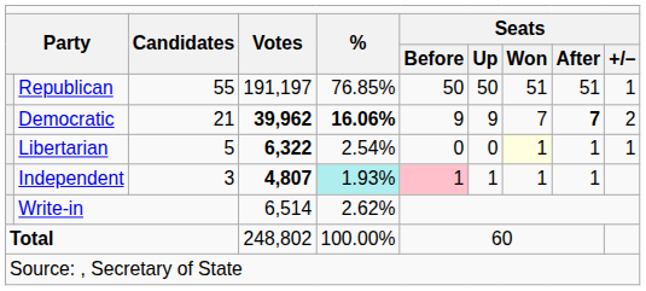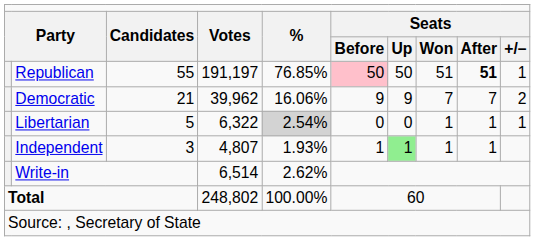 <table class="wikitable">
 <tr>
 <td colspan=15 align=center></td>
 </tr>
 <tr>
 <th rowspan="2" colspan="2">Party</th>
 <th rowspan="2">Candidates</th>
 <th rowspan="2">Votes</th>
 <th rowspan="2">%</th>
 <th colspan="5">Seats</th>
 </tr>
 <tr>
 <th>Before</th>
 <th>Up</th>
 <th>Won</th>
 <th>After</th>
 <th>+/–</th>
 </tr>
 <tr>
 <th></th>
 <td><a href='#'>Republican</a></td>
 <td align="right">55</td>
 <td align="right">191,197</td>
 <td align="right">76.85%</td>
-<td align="right">50</td>
+<td align="right" style="background: pink;">50</td>
 <td align="right">50</td>
 <td align="right">51</td>
-<td align="right">51</td>
+<td align="right"><strong>51</strong></td>
 <td align="right"> 1</td>
 </tr>
 <tr>
 <th></th>
 <td><a href='#'>Democratic</a></td>
 <td align="right">21</td>
-<td align="right"><strong>39,962</strong></td>
-<td align="right"><strong>16.06%</strong></td>
+<td align="right">39,962</td>
+<td align="right">16.06%</td>
 <td align="right">9</td>
 <td align="right">9</td>
 <td align="right">7</td>
-<td align="right"><strong>7</strong></td>
+<td align="right">7</td>
 <td align="right"> 2</td>
 </tr>
 <tr>
 <th></th>
 <td><a href='#'>Libertarian</a></td>
 <td align="right">5</td>
-<td align="right"><strong>6,322</strong></td>
-<td align="right">2.54%</td>
+<td align="right">6,322</td>
+<td align="right" style="background: lightgrey;">2.54%</td>
 <td align="right">0</td>
 <td align="right">0</td>
-<td align="right" style="background: lightyellow;">1</td>
+<td align="right">1</td>
 <td align="right">1</td>
 <td align="right"> 1</td>
 </tr>
 <tr>
 <th></th>
 <td><a href='#'>Independent</a></td>
 <td align="right">3</td>
-<td align="right"><strong>4,807</strong></td>
-<td align="right" style="background: paleturquoise;">1.93%</td>
-<td align="right" style="background: pink;">1</td>
+<td align="right">4,807</td>
+<td align="right">1.93%</td>
 <td align="right">1</td>
+<td align="right" style="background: lightgreen;">1</td>
 <td align="right">1</td>
 <td align="right">1</td>
 <td align="right"></td>
 </tr>
 <tr>
 <th></th>
 <td colspan="2"><a href='#'>Write-in</a></td>
 <td align="right">6,514</td>
 <td align="right">2.62%</td>
 <td colspan="5" align="right"></td>
 </tr>
 <tr>
 <td colspan="3" align="left"><strong>Total</strong></td>
 <td align="right">248,802</td>
 <td align="right">100.00%</td>
 <td colspan="4" align="center">60</td>
 <td align="right"></td>
 </tr>
 <tr>
 <td colspan="10">Source: , Secretary of State</td>
 </tr>
 </table>
